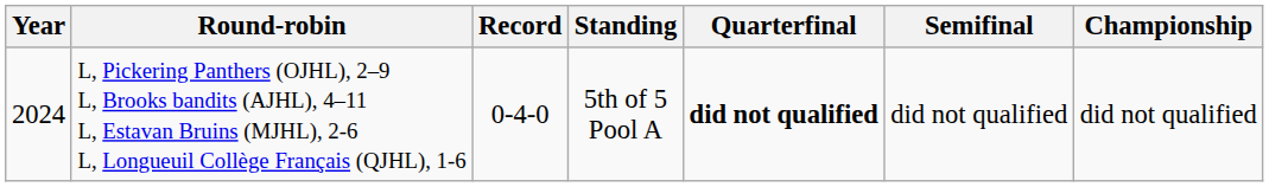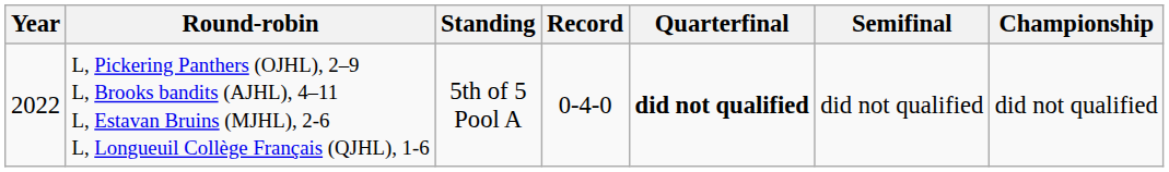 <table class="wikitable" style="text-align:center;">
 <tr>
 <th>Year</th>
 <th>Round-robin</th>
+<th>Standing</th>
 <th>Record</th>
-<th>Standing</th>
 <th>Quarterfinal</th>
 <th>Semifinal</th>
 <th>Championship</th>
 </tr>
 <tr>
-<td>2024</td>
+<td>2022</td>
 <td align=left><small>L, <a href='#'>Pickering Panthers</a> (OJHL), 2–9<br>L, <a href='#'>Brooks bandits</a> (AJHL), 4–11<br>L, <a href='#'>Estavan Bruins</a> (MJHL), 2-6<br>L, <a href='#'>Longueuil Collège Français</a> (QJHL), 1-6</small></td>
+<td>5th of 5 <br>Pool A</td>
 <td>0-4-0</td>
-<td>5th of 5 <br>Pool A</td>
 <td><strong>did not qualified</strong></td>
 <td>did not qualified</td>
 <td>did not qualified</td>
 </tr>
 </table>
